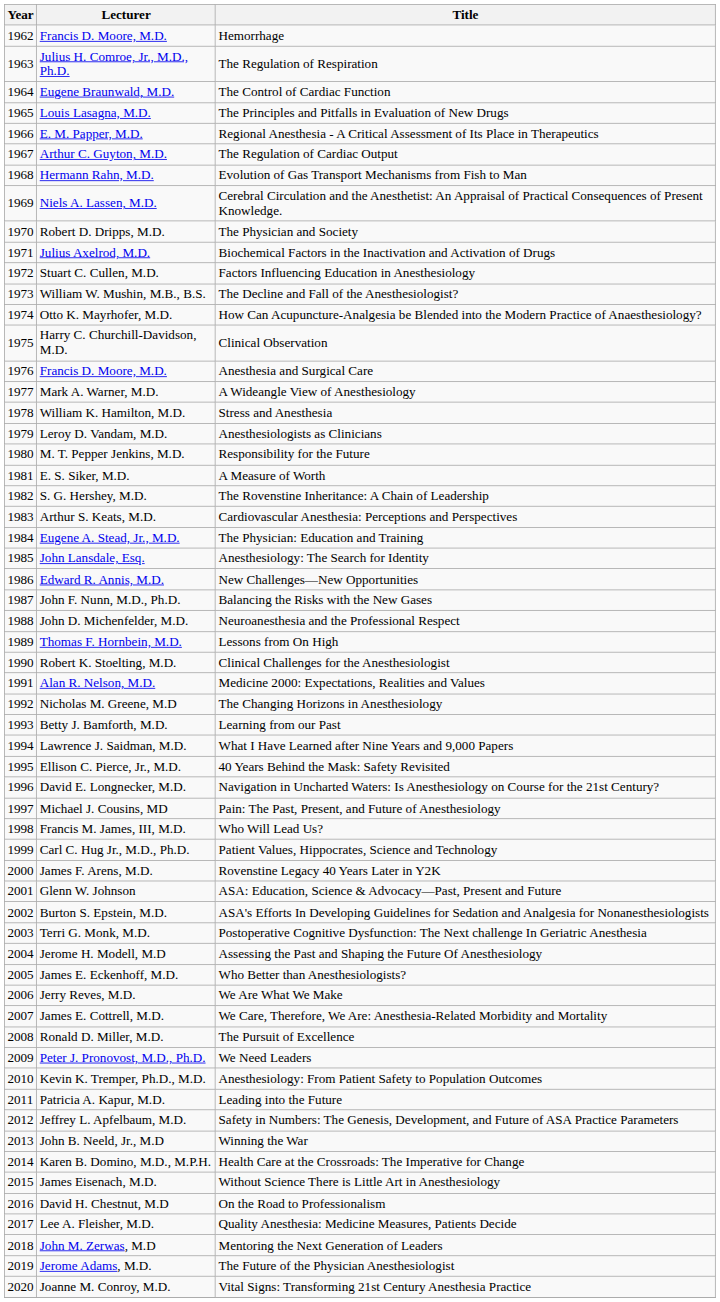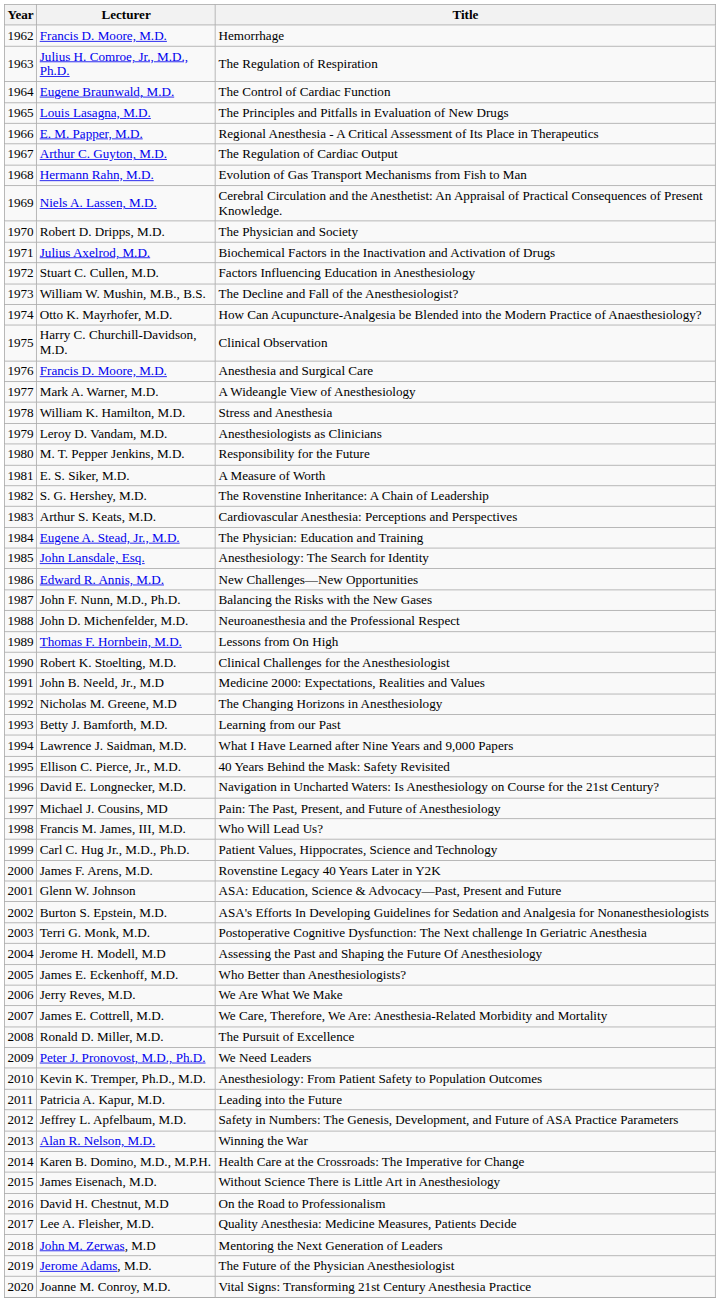 <table class="wikitable">
 <tr>
 <th>Year</th>
 <th>Lecturer</th>
 <th>Title</th>
 </tr>
 <tr>
 <td>1962</td>
 <td><a href='#'>Francis D. Moore, M.D.</a></td>
 <td>Hemorrhage</td>
 </tr>
 <tr>
 <td>1963</td>
 <td><a href='#'>Julius H. Comroe, Jr., M.D., Ph.D.</a></td>
 <td>The Regulation of Respiration</td>
 </tr>
 <tr>
 <td>1964</td>
 <td><a href='#'>Eugene Braunwald, M.D.</a></td>
 <td>The Control of Cardiac Function</td>
 </tr>
 <tr>
 <td>1965</td>
 <td><a href='#'>Louis Lasagna, M.D.</a></td>
 <td>The Principles and Pitfalls in Evaluation of New Drugs</td>
 </tr>
 <tr>
 <td>1966</td>
 <td><a href='#'>E. M. Papper, M.D.</a></td>
 <td>Regional Anesthesia - A Critical Assessment of Its Place in Therapeutics</td>
 </tr>
 <tr>
 <td>1967</td>
 <td><a href='#'>Arthur C. Guyton, M.D.</a></td>
 <td>The Regulation of Cardiac Output</td>
 </tr>
 <tr>
 <td>1968</td>
 <td><a href='#'>Hermann Rahn, M.D.</a></td>
 <td>Evolution of Gas Transport Mechanisms from Fish to Man</td>
 </tr>
 <tr>
 <td>1969</td>
 <td><a href='#'>Niels A. Lassen, M.D.</a></td>
 <td>Cerebral Circulation and the Anesthetist: An Appraisal of Practical Consequences of Present Knowledge.</td>
 </tr>
 <tr>
 <td>1970</td>
 <td>Robert D. Dripps, M.D.</td>
 <td>The Physician and Society</td>
 </tr>
 <tr>
 <td>1971</td>
 <td><a href='#'>Julius Axelrod, M.D.</a></td>
 <td>Biochemical Factors in the Inactivation and Activation of Drugs</td>
 </tr>
 <tr>
 <td>1972</td>
 <td>Stuart C. Cullen, M.D.</td>
 <td>Factors Influencing Education in Anesthesiology</td>
 </tr>
 <tr>
 <td>1973</td>
 <td>William W. Mushin, M.B., B.S.</td>
 <td>The Decline and Fall of the Anesthesiologist?</td>
 </tr>
 <tr>
 <td>1974</td>
 <td>Otto K. Mayrhofer, M.D.</td>
 <td>How Can Acupuncture-Analgesia be Blended into the Modern Practice of Anaesthesiology?</td>
 </tr>
 <tr>
 <td>1975</td>
 <td>Harry C. Churchill-Davidson, M.D.</td>
 <td>Clinical Observation</td>
 </tr>
 <tr>
 <td>1976</td>
 <td><a href='#'>Francis D. Moore, M.D.</a></td>
 <td>Anesthesia and Surgical Care</td>
 </tr>
 <tr>
 <td>1977</td>
 <td>Mark A. Warner, M.D.</td>
 <td>A Wideangle View of Anesthesiology</td>
 </tr>
 <tr>
 <td>1978</td>
 <td>William K. Hamilton, M.D.</td>
 <td>Stress and Anesthesia</td>
 </tr>
 <tr>
 <td>1979</td>
 <td>Leroy D. Vandam, M.D.</td>
 <td>Anesthesiologists as Clinicians</td>
 </tr>
 <tr>
 <td>1980</td>
 <td>M. T. Pepper Jenkins, M.D.</td>
 <td>Responsibility for the Future</td>
 </tr>
 <tr>
 <td>1981</td>
 <td>E. S. Siker, M.D.</td>
 <td>A Measure of Worth</td>
 </tr>
 <tr>
 <td>1982</td>
 <td>S. G. Hershey, M.D.</td>
 <td>The Rovenstine Inheritance: A Chain of Leadership</td>
 </tr>
 <tr>
 <td>1983</td>
 <td>Arthur S. Keats, M.D.</td>
 <td>Cardiovascular Anesthesia: Perceptions and Perspectives</td>
 </tr>
 <tr>
 <td>1984</td>
 <td><a href='#'>Eugene A. Stead, Jr., M.D.</a></td>
 <td>The Physician: Education and Training</td>
 </tr>
 <tr>
 <td>1985</td>
 <td><a href='#'>John Lansdale, Esq.</a></td>
 <td>Anesthesiology: The Search for Identity</td>
 </tr>
 <tr>
 <td>1986</td>
 <td><a href='#'>Edward R. Annis, M.D.</a></td>
 <td>New Challenges—New Opportunities</td>
 </tr>
 <tr>
 <td>1987</td>
 <td>John F. Nunn, M.D., Ph.D.</td>
 <td>Balancing the Risks with the New Gases</td>
 </tr>
 <tr>
 <td>1988</td>
 <td>John D. Michenfelder, M.D.</td>
 <td>Neuroanesthesia and the Professional Respect</td>
 </tr>
 <tr>
 <td>1989</td>
 <td><a href='#'>Thomas F. Hornbein, M.D.</a></td>
 <td>Lessons from On High</td>
 </tr>
 <tr>
 <td>1990</td>
 <td>Robert K. Stoelting, M.D.</td>
 <td>Clinical Challenges for the Anesthesiologist</td>
 </tr>
 <tr>
 <td>1991</td>
-<td><a href='#'>Alan R. Nelson, M.D.</a></td>
+<td>John B. Neeld, Jr., M.D</td>
 <td>Medicine 2000: Expectations, Realities and Values</td>
 </tr>
 <tr>
 <td>1992</td>
 <td>Nicholas M. Greene, M.D</td>
 <td>The Changing Horizons in Anesthesiology</td>
 </tr>
 <tr>
 <td>1993</td>
 <td>Betty J. Bamforth, M.D.</td>
 <td>Learning from our Past</td>
 </tr>
 <tr>
 <td>1994</td>
 <td>Lawrence J. Saidman, M.D.</td>
 <td>What I Have Learned after Nine Years and 9,000 Papers</td>
 </tr>
 <tr>
 <td>1995</td>
 <td>Ellison C. Pierce, Jr., M.D.</td>
 <td>40 Years Behind the Mask: Safety Revisited</td>
 </tr>
 <tr>
 <td>1996</td>
 <td>David E. Longnecker, M.D.</td>
 <td>Navigation in Uncharted Waters: Is Anesthesiology on Course for the 21st Century?</td>
 </tr>
 <tr>
 <td>1997</td>
 <td>Michael J. Cousins, MD</td>
 <td>Pain: The Past, Present, and Future of Anesthesiology</td>
 </tr>
 <tr>
 <td>1998</td>
 <td>Francis M. James, III, M.D.</td>
 <td>Who Will Lead Us?</td>
 </tr>
 <tr>
 <td>1999</td>
 <td>Carl C. Hug Jr., M.D., Ph.D.</td>
 <td>Patient Values, Hippocrates, Science and Technology</td>
 </tr>
 <tr>
 <td>2000</td>
 <td>James F. Arens, M.D.</td>
 <td>Rovenstine Legacy 40 Years Later in Y2K</td>
 </tr>
 <tr>
 <td>2001</td>
 <td>Glenn W. Johnson</td>
 <td>ASA: Education, Science & Advocacy—Past, Present and Future</td>
 </tr>
 <tr>
 <td>2002</td>
 <td>Burton S. Epstein, M.D.</td>
 <td>ASA's Efforts In Developing Guidelines for Sedation and Analgesia for Nonanesthesiologists</td>
 </tr>
 <tr>
 <td>2003</td>
 <td>Terri G. Monk, M.D.</td>
 <td>Postoperative Cognitive Dysfunction: The Next challenge In Geriatric Anesthesia</td>
 </tr>
 <tr>
 <td>2004</td>
 <td>Jerome H. Modell, M.D</td>
 <td>Assessing the Past and Shaping the Future Of Anesthesiology</td>
 </tr>
 <tr>
 <td>2005</td>
 <td>James E. Eckenhoff, M.D.</td>
 <td>Who Better than Anesthesiologists?</td>
 </tr>
 <tr>
 <td>2006</td>
 <td>Jerry Reves, M.D.</td>
 <td>We Are What We Make</td>
 </tr>
 <tr>
 <td>2007</td>
 <td>James E. Cottrell, M.D.</td>
 <td>We Care, Therefore, We Are: Anesthesia-Related Morbidity and Mortality</td>
 </tr>
 <tr>
 <td>2008</td>
 <td>Ronald D. Miller, M.D.</td>
 <td>The Pursuit of Excellence</td>
 </tr>
 <tr>
 <td>2009</td>
 <td><a href='#'>Peter J. Pronovost, M.D., Ph.D.</a></td>
 <td>We Need Leaders</td>
 </tr>
 <tr>
 <td>2010</td>
 <td>Kevin K. Tremper, Ph.D., M.D.</td>
 <td>Anesthesiology: From Patient Safety to Population Outcomes</td>
 </tr>
 <tr>
 <td>2011</td>
 <td>Patricia A. Kapur, M.D.</td>
 <td>Leading into the Future</td>
 </tr>
 <tr>
 <td>2012</td>
 <td>Jeffrey L. Apfelbaum, M.D.</td>
 <td>Safety in Numbers: The Genesis, Development, and Future of ASA Practice Parameters</td>
 </tr>
 <tr>
 <td>2013</td>
-<td>John B. Neeld, Jr., M.D</td>
+<td><a href='#'>Alan R. Nelson, M.D.</a></td>
 <td>Winning the War</td>
 </tr>
 <tr>
 <td>2014</td>
 <td>Karen B. Domino, M.D., M.P.H.</td>
 <td>Health Care at the Crossroads: The Imperative for Change</td>
 </tr>
 <tr>
 <td>2015</td>
 <td>James Eisenach, M.D.</td>
 <td>Without Science There is Little Art in Anesthesiology</td>
 </tr>
 <tr>
 <td>2016</td>
 <td>David H. Chestnut, M.D</td>
 <td>On the Road to Professionalism</td>
 </tr>
 <tr>
 <td>2017</td>
 <td>Lee A. Fleisher, M.D.</td>
 <td>Quality Anesthesia: Medicine Measures, Patients Decide</td>
 </tr>
 <tr>
 <td>2018</td>
 <td><a href='#'>John M. Zerwas</a>, M.D</td>
 <td>Mentoring the Next Generation of Leaders</td>
 </tr>
 <tr>
 <td>2019</td>
 <td><a href='#'>Jerome Adams</a>, M.D.</td>
 <td>The Future of the Physician Anesthesiologist</td>
 </tr>
 <tr>
 <td>2020</td>
 <td>Joanne M. Conroy, M.D.</td>
 <td>Vital Signs: Transforming 21st Century Anesthesia Practice</td>
 </tr>
 <tr>
 </tr>
 </table>
